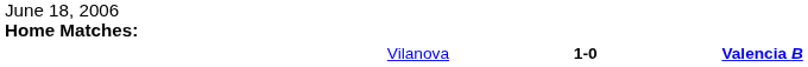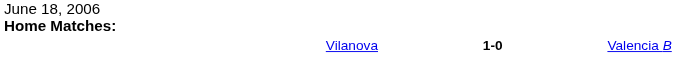 <table width=100% cellspacing=1>
 <tr>
 <th width=20%></th>
 <th width=12%></th>
 <th width=20%></th>
 <th></th>
 </tr>
 <tr>
 <td>June 18, 2006<br><strong>Home Matches:</strong></td>
 </tr>
 <tr style=font-size:90%>
 <td align=right><a href='#'>Vilanova</a></td>
 <td align=center><strong>1-0</strong></td>
-<td><strong><a href='#'>Valencia <em>B</em></a></strong></td>
+<td><a href='#'>Valencia <em>B</em></a></td>
 </tr>
 </table>
